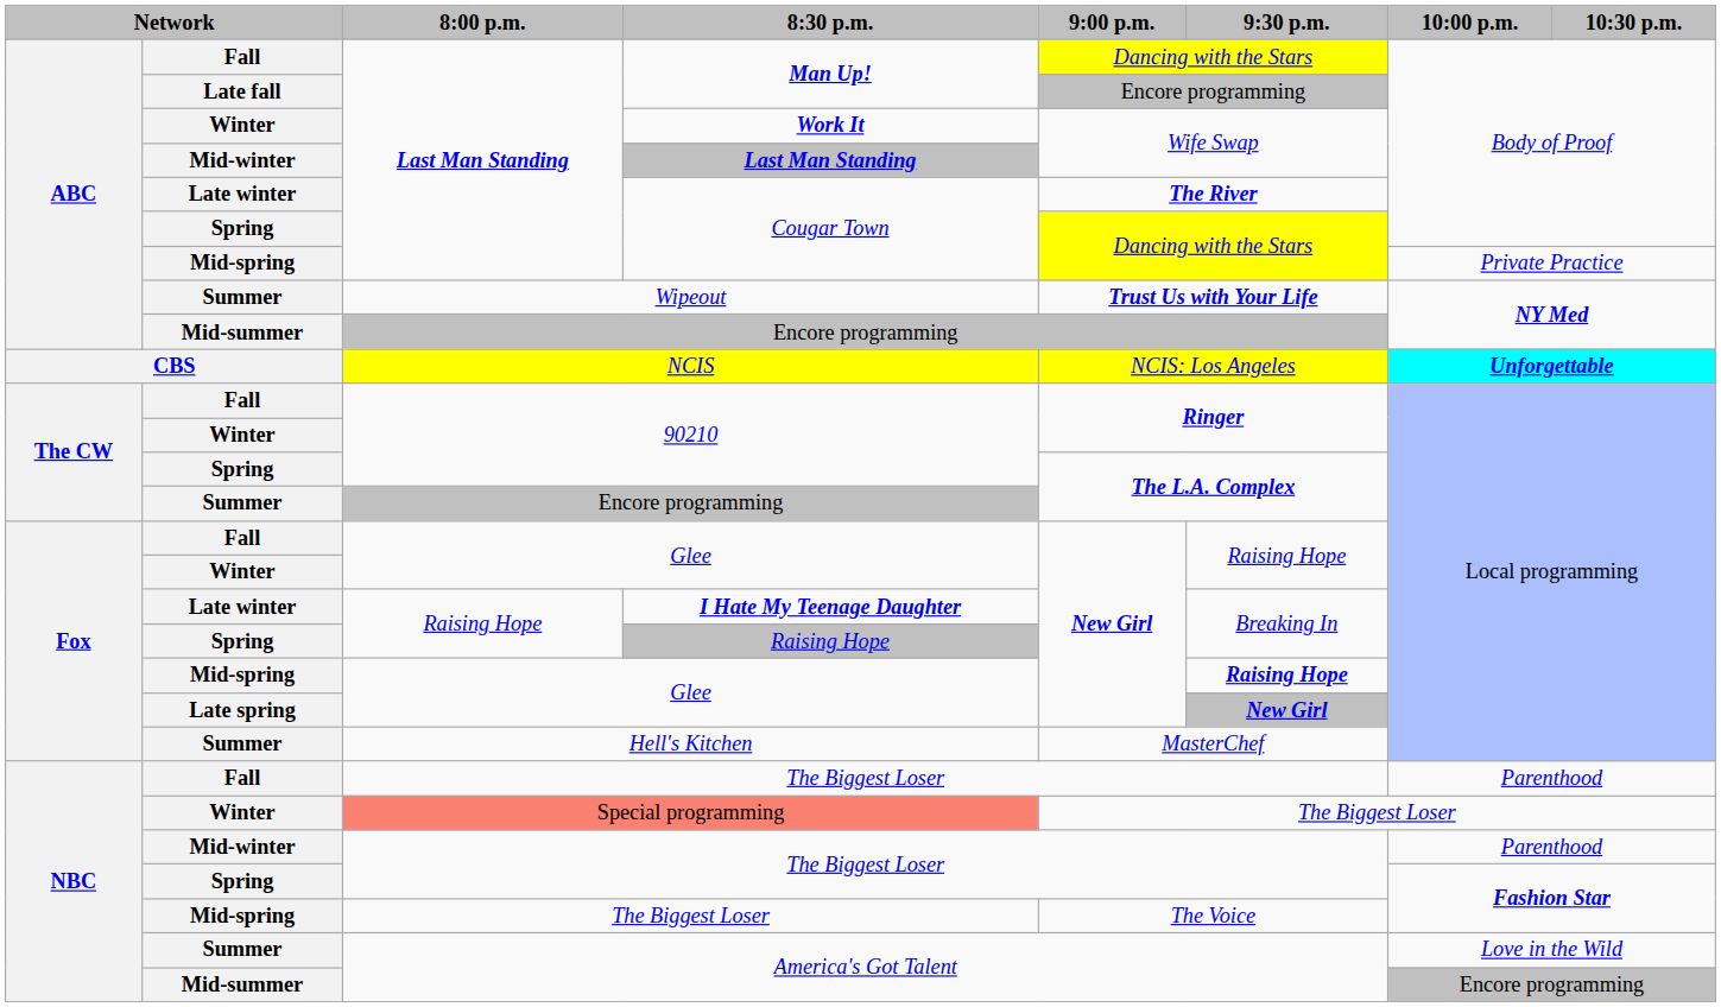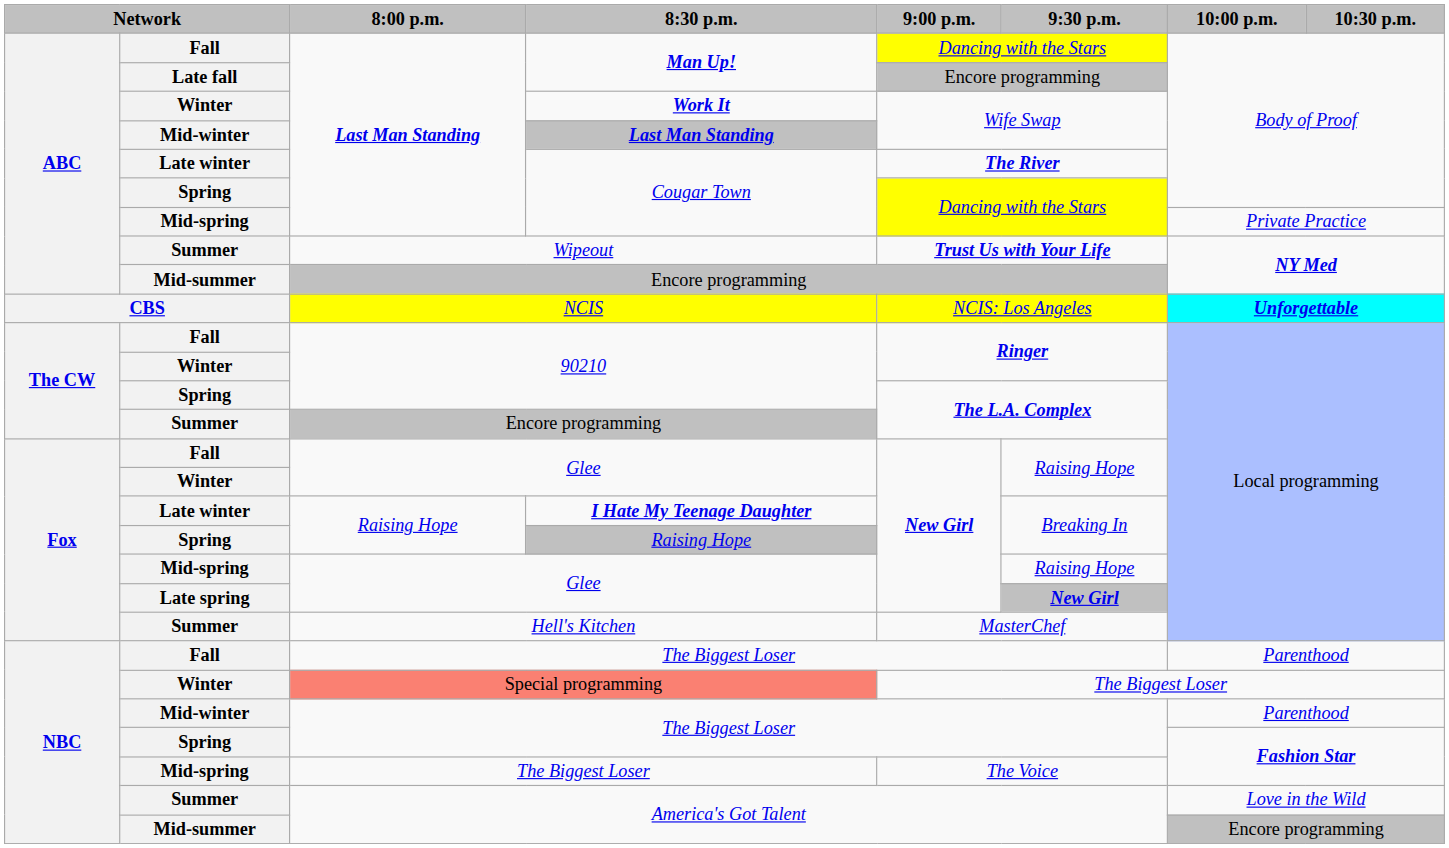 <table class="wikitable" style="width:100%;margin-right:0;text-align:center">
 <tr>
 <th colspan="2" style="background-color:#C0C0C0;text-align:center">Network</th>
 <th style="background-color:#C0C0C0;text-align:center">8:00 p.m.</th>
 <th style="background-color:#C0C0C0;text-align:center">8:30 p.m.</th>
 <th style="background-color:#C0C0C0;text-align:center">9:00 p.m.</th>
 <th style="background-color:#C0C0C0;text-align:center">9:30 p.m.</th>
 <th style="background-color:#C0C0C0;text-align:center">10:00 p.m.</th>
 <th style="background-color:#C0C0C0;text-align:center">10:30 p.m.</th>
 </tr>
 <tr>
 <th rowspan="9"><a href='#'>ABC</a></th>
 <th>Fall</th>
 <td rowspan="7"><strong><em><a href='#'>Last Man Standing</a></em></strong></td>
 <td rowspan="2"><strong><em><a href='#'>Man Up!</a></em></strong></td>
 <td style="background:yellow;" colspan="2"><em><a href='#'>Dancing with the Stars</a></em> </td>
 <td rowspan="6" colspan="2"><em><a href='#'>Body of Proof</a></em></td>
 </tr>
 <tr>
 <th>Late fall</th>
 <td style="background:#C0C0C0;" colspan="2">Encore programming</td>
 </tr>
 <tr>
 <th>Winter</th>
 <td><strong><em><a href='#'>Work It</a></em></strong></td>
 <td rowspan="2" colspan="2"><em><a href='#'>Wife Swap</a></em></td>
 </tr>
 <tr>
 <th>Mid-winter</th>
 <td style="background:#C0C0C0;"><strong><em><a href='#'>Last Man Standing</a></em></strong> </td>
 </tr>
 <tr>
 <th>Late winter</th>
 <td rowspan="3"><em><a href='#'>Cougar Town</a></em></td>
 <td colspan="2"><strong><em><a href='#'>The River</a></em></strong></td>
 </tr>
 <tr>
 <th>Spring</th>
 <td style="background:yellow;" rowspan="2" colspan="2"><em><a href='#'>Dancing with the Stars</a></em> </td>
 </tr>
 <tr>
 <th>Mid-spring</th>
 <td colspan="2"><em><a href='#'>Private Practice</a></em></td>
 </tr>
 <tr>
 <th>Summer</th>
 <td colspan="2"><em><a href='#'>Wipeout</a></em></td>
 <td colspan="2"><strong><em><a href='#'>Trust Us with Your Life</a></em></strong></td>
 <td colspan="2" rowspan="2"><strong><em><a href='#'>NY Med</a></em></strong></td>
 </tr>
 <tr>
 <th>Mid-summer</th>
 <td style="background:#C0C0C0;" colspan="4">Encore programming</td>
 </tr>
 <tr>
 <th colspan="2"><a href='#'>CBS</a></th>
 <td style="background:yellow;" colspan="2"><em><a href='#'>NCIS</a></em> </td>
 <td style="background:yellow;" colspan="2"><em><a href='#'>NCIS: Los Angeles</a></em> </td>
 <td style="background:cyan;" colspan="2"><strong><em><a href='#'>Unforgettable</a></em></strong> </td>
 </tr>
 <tr>
 <th rowspan="4"><a href='#'>The CW</a></th>
 <th>Fall</th>
 <td rowspan="3" colspan="2"><em><a href='#'>90210</a></em></td>
 <td rowspan="2" colspan="2"><strong><em><a href='#'>Ringer</a></em></strong></td>
 <td style="background:#abbfff;" colspan="2" rowspan="11">Local programming</td>
 </tr>
 <tr>
 <th>Winter</th>
 </tr>
 <tr>
 <th>Spring</th>
 <td colspan="2" rowspan="2"><strong><em><a href='#'>The L.A. Complex</a></em></strong></td>
 </tr>
 <tr>
 <th>Summer</th>
 <td style="background:#C0C0C0;" colspan="2">Encore programming</td>
 </tr>
 <tr>
 <th rowspan="7"><a href='#'>Fox</a></th>
 <th>Fall</th>
 <td rowspan="2" colspan="2"><em><a href='#'>Glee</a></em></td>
 <td rowspan="6"><strong><em><a href='#'>New Girl</a></em></strong></td>
 <td rowspan="2"><em><a href='#'>Raising Hope</a></em></td>
 </tr>
 <tr>
 <th>Winter</th>
 </tr>
 <tr>
 <th>Late winter</th>
 <td rowspan="2"><em><a href='#'>Raising Hope</a></em></td>
 <td><strong><em><a href='#'>I Hate My Teenage Daughter</a></em></strong></td>
 <td rowspan="2"><em><a href='#'>Breaking In</a></em></td>
 </tr>
 <tr>
 <th>Spring</th>
 <td style="background:#C0C0C0;"><em><a href='#'>Raising Hope</a></em> </td>
 </tr>
 <tr>
 <th>Mid-spring</th>
 <td rowspan="2" colspan="2"><em><a href='#'>Glee</a></em></td>
-<td><strong><em><a href='#'>Raising Hope</a></em></strong></td>
+<td><em><a href='#'>Raising Hope</a></em></td>
 </tr>
 <tr>
 <th>Late spring</th>
 <td style="background:#C0C0C0;"><strong><em><a href='#'>New Girl</a></em></strong> </td>
 </tr>
 <tr>
 <th>Summer</th>
 <td colspan="2"><em><a href='#'>Hell's Kitchen</a></em></td>
 <td colspan="2"><em><a href='#'>MasterChef</a></em></td>
 </tr>
 <tr>
 <th rowspan="7"><a href='#'>NBC</a></th>
 <th>Fall</th>
 <td colspan="4"><em><a href='#'>The Biggest Loser</a></em></td>
 <td colspan="2"><em><a href='#'>Parenthood</a></em></td>
 </tr>
 <tr>
 <th>Winter</th>
 <td style="background:#FA8072;" colspan="2">Special programming</td>
 <td colspan="4"><em><a href='#'>The Biggest Loser</a></em></td>
 </tr>
 <tr>
 <th>Mid-winter</th>
 <td rowspan="2" colspan="4"><em><a href='#'>The Biggest Loser</a></em></td>
 <td colspan="2"><em><a href='#'>Parenthood</a></em></td>
 </tr>
 <tr>
 <th>Spring</th>
 <td rowspan="2" colspan="2"><strong><em><a href='#'>Fashion Star</a></em></strong></td>
 </tr>
 <tr>
 <th>Mid-spring</th>
 <td colspan="2"><em><a href='#'>The Biggest Loser</a></em></td>
 <td colspan="2"><em><a href='#'>The Voice</a></em></td>
 </tr>
 <tr>
 <th>Summer</th>
 <td colspan="4" rowspan="2"><em><a href='#'>America's Got Talent</a></em></td>
 <td colspan="2"><em><a href='#'>Love in the Wild</a></em></td>
 </tr>
 <tr>
 <th>Mid-summer</th>
 <td style="background:#C0C0C0;" colspan="2">Encore programming</td>
 </tr>
 </table>
